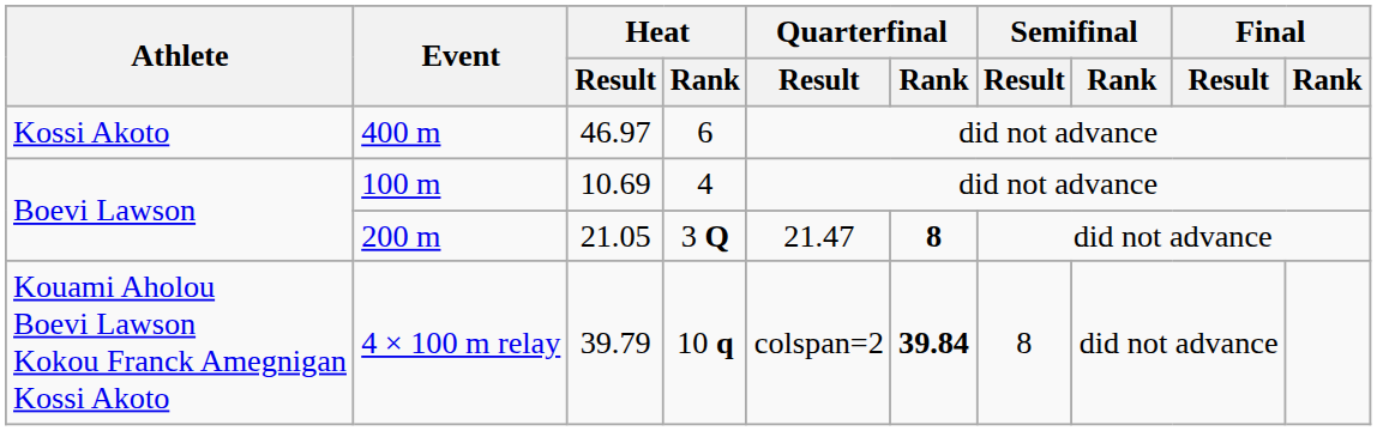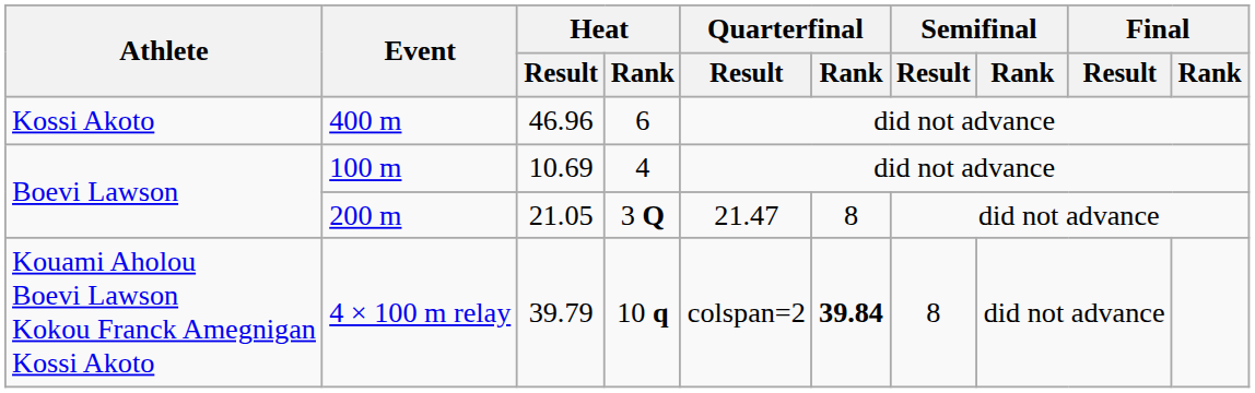 <table class="wikitable" style="font-size:90%;">
 <tr>
 <th rowspan="2">Athlete</th>
 <th rowspan="2">Event</th>
 <th colspan="2">Heat</th>
 <th colspan="2">Quarterfinal</th>
 <th colspan="2">Semifinal</th>
 <th colspan="2">Final</th>
 </tr>
 <tr style="font-size:95%">
 <th>Result</th>
 <th>Rank</th>
 <th>Result</th>
 <th>Rank</th>
 <th>Result</th>
 <th>Rank</th>
 <th>Result</th>
 <th>Rank</th>
 </tr>
 <tr align=center>
 <td align=left><a href='#'>Kossi Akoto</a></td>
 <td align=left><a href='#'>400 m</a></td>
-<td>46.97</td>
+<td>46.96</td>
 <td>6</td>
 <td colspan=6>did not advance</td>
 </tr>
 <tr align=center>
 <td align=left rowspan=2><a href='#'>Boevi Lawson</a></td>
 <td align=left><a href='#'>100 m</a></td>
 <td>10.69</td>
 <td>4</td>
 <td colspan=6>did not advance</td>
 </tr>
 <tr align=center>
 <td align=left><a href='#'>200 m</a></td>
 <td>21.05</td>
 <td>3 <strong>Q</strong></td>
 <td>21.47</td>
-<td><strong>8</strong></td>
+<td>8</td>
 <td colspan=4>did not advance</td>
 </tr>
 <tr align=center>
 <td align=left><a href='#'>Kouami Aholou</a><br><a href='#'>Boevi Lawson</a><br><a href='#'>Kokou Franck Amegnigan</a><br><a href='#'>Kossi Akoto</a></td>
 <td align=left><a href='#'>4 × 100 m relay</a></td>
 <td>39.79</td>
 <td>10 <strong>q</strong></td>
 <td>colspan=2 </td>
 <td><strong>39.84</strong></td>
 <td>8</td>
 <td colspan=2>did not advance</td>
 </tr>
 </table>
